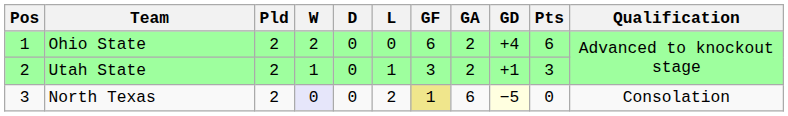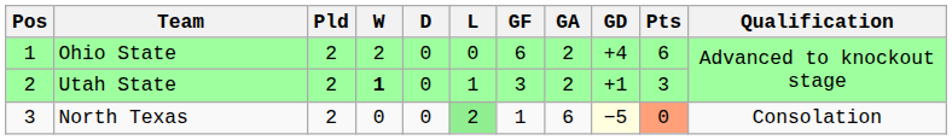 <table class="wikitable" style="text-align:center; margin: 1em auto">
 <tr>
 <th style="width:2em">Pos</th>
 <th style="width:13em">Team</th>
 <th style="width:2em">Pld</th>
 <th style="width:2em">W</th>
 <th style="width:2em">D</th>
 <th style="width:2em">L</th>
 <th style="width:2em">GF</th>
 <th style="width:2em">GA</th>
 <th style="width:2em">GD</th>
 <th style="width:2em">Pts</th>
 <th style="width:13em">Qualification</th>
 </tr>
 <tr bgcolor="#9eff9e">
 <td>1</td>
 <td style="text-align:left">Ohio State</td>
 <td>2</td>
 <td>2</td>
 <td>0</td>
 <td>0</td>
 <td>6</td>
 <td>2</td>
 <td>+4</td>
 <td>6</td>
 <td rowspan="2">Advanced to knockout stage</td>
 </tr>
 <tr bgcolor="#9eff9e">
 <td>2</td>
 <td style="text-align:left">Utah State</td>
 <td>2</td>
-<td>1</td>
+<td><strong>1</strong></td>
 <td>0</td>
 <td>1</td>
 <td>3</td>
 <td>2</td>
 <td>+1</td>
 <td>3</td>
 </tr>
 <tr>
 <td>3</td>
 <td style="text-align:left">North Texas</td>
 <td>2</td>
-<td style="background: lavender;">0</td>
 <td>0</td>
-<td>2</td>
-<td style="background: khaki;">1</td>
+<td>0</td>
+<td style="background: lightgreen;">2</td>
+<td>1</td>
 <td>6</td>
 <td style="background: lightyellow;">−5</td>
-<td>0</td>
+<td style="background: lightsalmon;">0</td>
 <td>Consolation</td>
 </tr>
 </table>
